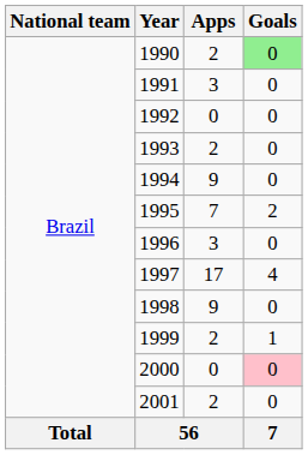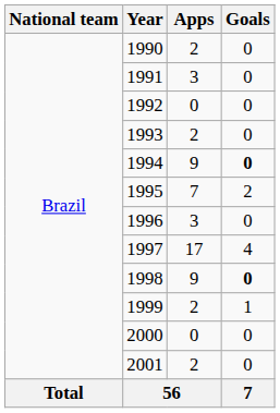 <table class="wikitable" style="text-align: center;">
 <tr>
 <th>National team</th>
 <th>Year</th>
 <th width="40">Apps</th>
 <th width="40">Goals</th>
 </tr>
 <tr>
 <td rowspan="12"><a href='#'>Brazil</a></td>
 <td>1990</td>
 <td>2</td>
-<td style="background: lightgreen;">0</td>
+<td>0</td>
 </tr>
 <tr>
 <td>1991</td>
 <td>3</td>
 <td>0</td>
 </tr>
 <tr>
 <td>1992</td>
 <td>0</td>
 <td>0</td>
 </tr>
 <tr>
 <td>1993</td>
 <td>2</td>
 <td>0</td>
 </tr>
 <tr>
 <td>1994</td>
 <td>9</td>
-<td>0</td>
+<td><strong>0</strong></td>
 </tr>
 <tr>
 <td>1995</td>
 <td>7</td>
 <td>2</td>
 </tr>
 <tr>
 <td>1996</td>
 <td>3</td>
 <td>0</td>
 </tr>
 <tr>
 <td>1997</td>
 <td>17</td>
 <td>4</td>
 </tr>
 <tr>
 <td>1998</td>
 <td>9</td>
-<td>0</td>
+<td><strong>0</strong></td>
 </tr>
 <tr>
 <td>1999</td>
 <td>2</td>
 <td>1</td>
 </tr>
 <tr>
 <td>2000</td>
 <td>0</td>
-<td style="background: pink;">0</td>
+<td>0</td>
 </tr>
 <tr>
 <td>2001</td>
 <td>2</td>
 <td>0</td>
 </tr>
 <tr>
 <th>Total</th>
 <th colspan="2">56</th>
 <th>7</th>
 </tr>
 </table>
